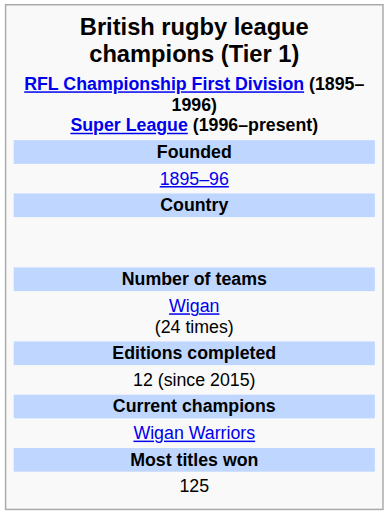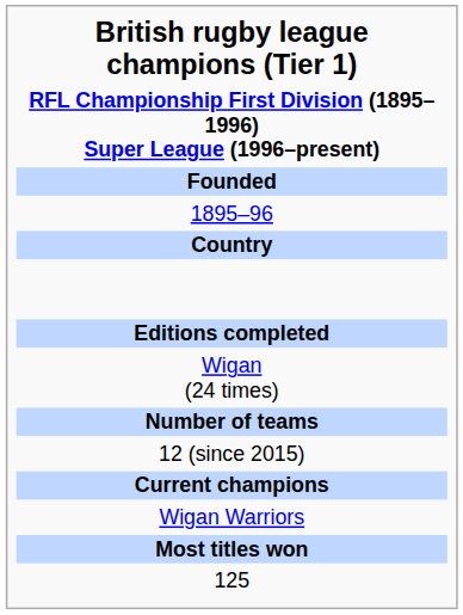 <table class="infobox football" style="width: 16em; text-align: center;">
 <tr>
 <th style="font-size: 16px;">British rugby league champions (Tier 1)</th>
 </tr>
 <tr>
 <td style="font-size: 12px;"><strong><a href='#'>RFL Championship First Division</a> (1895–1996)<br><a href='#'>Super League</a> (1996–present)</strong></td>
 </tr>
 <tr>
 <td style="font-size: 12px; background: #BFD7FF;"><strong>Founded</strong></td>
 </tr>
 <tr>
 <td style="font-size: 12px;"><a href='#'>1895–96</a></td>
 </tr>
 <tr>
 <td style="font-size: 12px; background: #BFD7FF;"><strong>Country</strong></td>
 </tr>
 <tr>
 <td style="font-size: 12px;"><br><br></td>
 </tr>
 <tr>
-<td style="font-size: 12px; background: #BFD7FF;"><strong>Number of teams</strong></td>
+<td style="font-size: 12px; background: #BFD7FF;"><strong>Editions completed</strong></td>
 </tr>
 <tr>
 <td style="font-size: 12px;"> <a href='#'>Wigan</a><br>(24 times)</td>
 </tr>
 <tr>
-<td style="font-size: 12px; background: #BFD7FF;"><strong>Editions completed</strong></td>
+<td style="font-size: 12px; background: #BFD7FF;"><strong>Number of teams</strong></td>
 </tr>
 <tr>
 <td style="font-size: 12px;">12 (since 2015)</td>
 </tr>
 <tr>
 <td style="font-size: 12px; background: #BFD7FF;"><strong>Current champions</strong></td>
 </tr>
 <tr>
 <td style="font-size: 12px;"> <a href='#'>Wigan Warriors</a></td>
 </tr>
 <tr>
 <td style="font-size: 12px; background: #BFD7FF;"><strong>Most titles won</strong></td>
 </tr>
 <tr>
 <td style="font-size: 12px;">125</td>
 </tr>
 <tr>
 </tr>
 </table>
